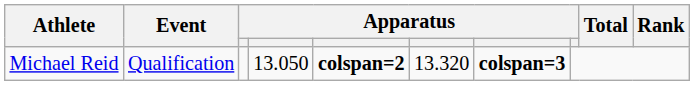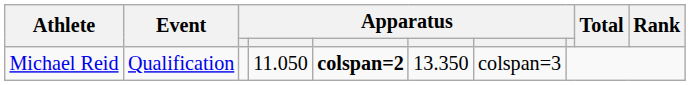 <table class=wikitable style=font-size:90%;text-align:center>
 <tr>
 <th rowspan=2>Athlete</th>
 <th rowspan=2>Event</th>
 <th colspan=6>Apparatus</th>
 <th rowspan=2>Total</th>
 <th rowspan=2>Rank</th>
 </tr>
 <tr style=font-size:95%>
 <th></th>
 <th></th>
 <th></th>
 <th></th>
 <th></th>
 <th></th>
 </tr>
 <tr>
 <td align=left><a href='#'>Michael Reid</a></td>
 <td align=left><a href='#'>Qualification</a></td>
 <td></td>
-<td>13.050</td>
+<td>11.050</td>
 <td><strong>colspan=2 </strong></td>
-<td>13.320</td>
-<td><strong>colspan=3 </strong></td>
+<td>13.350</td>
+<td>colspan=3 </td>
 </tr>
 </table>
